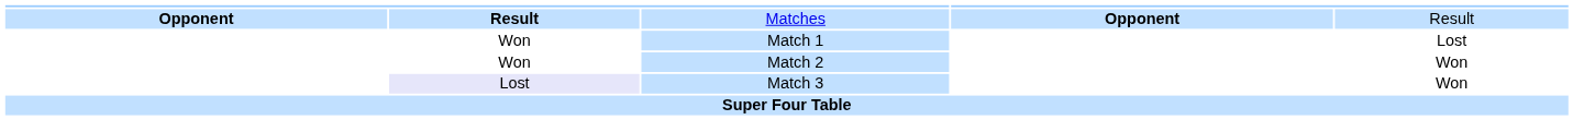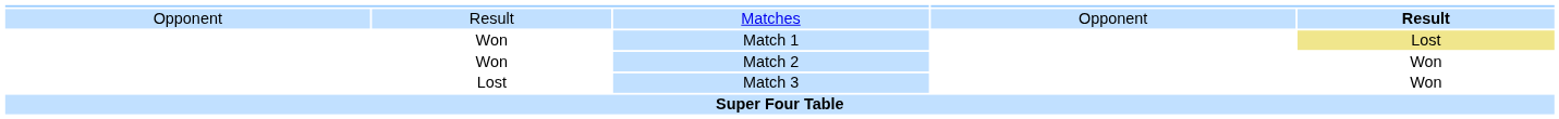 <table style="width:100%;text-align:center">
 <tr style="vertical-align:top; background:#9cf;">
 <th colspan="3"></th>
 <th colspan="3"></th>
 </tr>
 <tr style="vertical-align:top;background:#C1E0FF">
-<td><strong>Opponent</strong></td>
+<td>Opponent</td>
+<td>Result</td>
+<td><a href='#'>Matches</a></td>
+<td>Opponent</td>
 <td><strong>Result</strong></td>
-<td><a href='#'>Matches</a></td>
-<td><strong>Opponent</strong></td>
-<td>Result</td>
 </tr>
 <tr>
 <td style="text-align:left"></td>
 <td>Won</td>
 <td style="background:#C1E0FF">Match 1</td>
 <td style="text-align:left"></td>
-<td>Lost</td>
+<td style="background: khaki;">Lost</td>
 </tr>
 <tr>
 <td style="text-align:left"></td>
 <td>Won</td>
 <td style="background:#C1E0FF">Match 2</td>
 <td style="text-align:left"></td>
 <td>Won</td>
 </tr>
 <tr>
 <td style="text-align:left"></td>
-<td style="background: lavender;">Lost</td>
+<td>Lost</td>
 <td style="background:#C1E0FF">Match 3</td>
 <td style="text-align:left"></td>
 <td>Won</td>
 </tr>
 <tr style="vertical-align:top;background:#C1E0FF">
 <th colspan="5">Super Four Table</th>
 </tr>
 </table>
